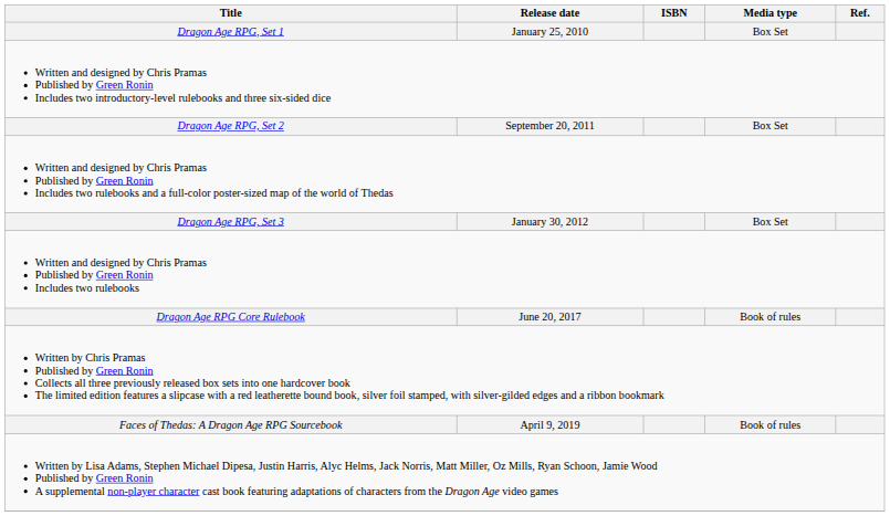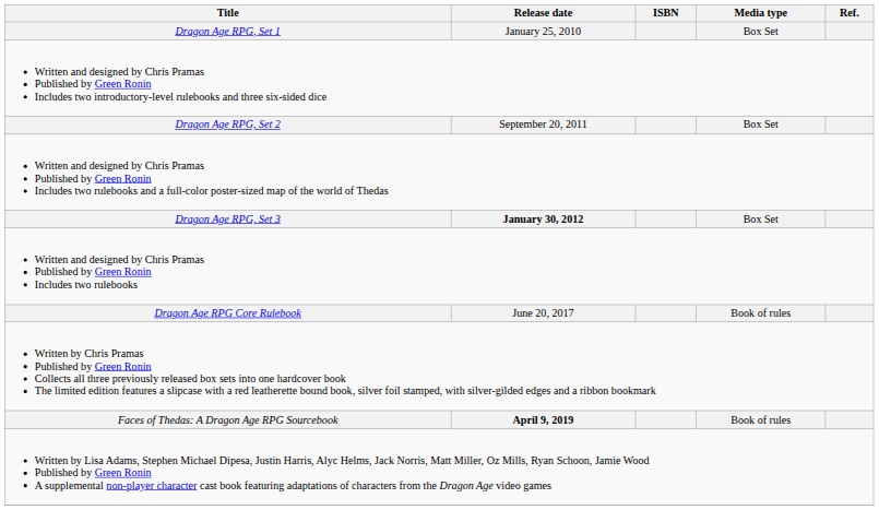 <table class="wikitable" width="100%">
 <tr style="text-align: center;">
 <th scope="col">Title</th>
 <th scope="col">Release date</th>
 <th scope="col">ISBN</th>
 <th scope="col">Media type</th>
 <th scope="col">Ref.</th>
 </tr>
 <tr bgcolor="#F2F2F2" align="center">
 <th scope="row" style="font-weight:normal;"><em><a href='#'>Dragon Age RPG, Set 1</a></em></th>
 <td>January 25, 2010</td>
 <td></td>
 <td>Box Set</td>
 <td></td>
 </tr>
 <tr>
 <td colspan="5"><br><ul><li>Written and designed by Chris Pramas</li><li>Published by <a href='#'>Green Ronin</a></li><li>Includes two introductory-level rulebooks and three six-sided dice</li></ul></td>
 </tr>
 <tr bgcolor="#F2F2F2" align="center">
 <th scope="row" style="font-weight:normal;"><em><a href='#'>Dragon Age RPG, Set 2</a></em></th>
 <td>September 20, 2011</td>
 <td></td>
 <td>Box Set</td>
 <td></td>
 </tr>
 <tr>
 <td colspan="5"><br><ul><li>Written and designed by Chris Pramas</li><li>Published by <a href='#'>Green Ronin</a></li><li>Includes two rulebooks and a full-color poster-sized map of the world of Thedas</li></ul></td>
 </tr>
 <tr bgcolor="#F2F2F2" align="center">
 <th scope="row" style="font-weight:normal;"><em><a href='#'>Dragon Age RPG, Set 3</a></em></th>
-<td>January 30, 2012</td>
+<td><strong>January 30, 2012</strong></td>
 <td></td>
 <td>Box Set</td>
 <td></td>
 </tr>
 <tr>
 <td colspan="5"><br><ul><li>Written and designed by Chris Pramas</li><li>Published by <a href='#'>Green Ronin</a></li><li>Includes two rulebooks</li></ul></td>
 </tr>
 <tr bgcolor="#F2F2F2" align="center">
 <th scope="row" style="font-weight:normal;"><em><a href='#'>Dragon Age RPG Core Rulebook</a></em></th>
 <td>June 20, 2017</td>
 <td></td>
 <td>Book of rules</td>
 <td></td>
 </tr>
 <tr>
 <td colspan="5"><br><ul><li>Written by Chris Pramas</li><li>Published by <a href='#'>Green Ronin</a></li><li>Collects all three previously released box sets into one hardcover book</li><li>The limited edition features a slipcase with a red leatherette bound book, silver foil stamped, with silver-gilded edges and a ribbon bookmark</li></ul></td>
 </tr>
 <tr bgcolor="#F2F2F2" align="center">
 <th scope="row" style="font-weight:normal;"><em>Faces of Thedas: A Dragon Age RPG Sourcebook</em></th>
-<td>April 9, 2019</td>
+<td><strong>April 9, 2019</strong></td>
 <td></td>
 <td>Book of rules</td>
 <td></td>
 </tr>
 <tr>
 <td colspan="5"><br><ul><li>Written by Lisa Adams, Stephen Michael Dipesa, Justin Harris, Alyc Helms, Jack Norris, Matt Miller, Oz Mills, Ryan Schoon, Jamie Wood</li><li>Published by <a href='#'>Green Ronin</a></li><li>A supplemental <a href='#'>non-player character</a> cast book featuring adaptations of characters from the <em>Dragon Age</em> video games</li></ul></td>
 </tr>
 <tr bgcolor="#F2F2F2" align="center">
 </tr>
 </table>
